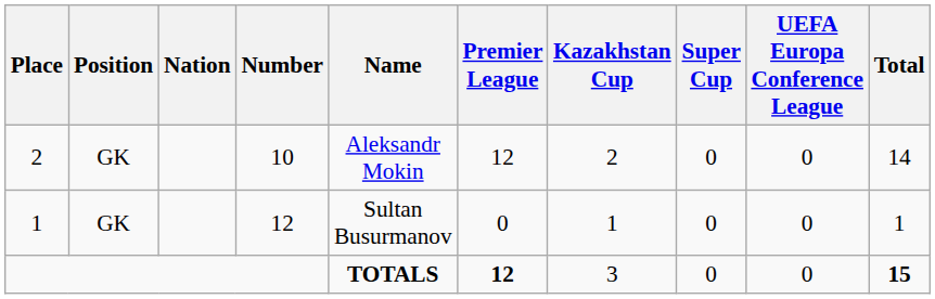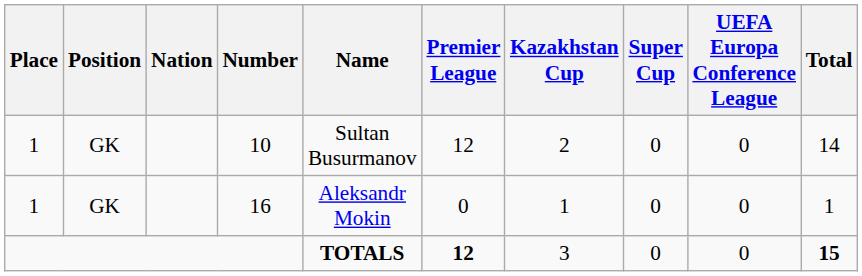 <table class="wikitable" style="font-size: 95%; text-align: center;">
 <tr>
 <th width=60>Place</th>
 <th width=60>Position</th>
 <th width=60>Nation</th>
 <th width=60>Number</th>
 <th width=200>Name</th>
 <th width=150><a href='#'>Premier League</a></th>
 <th width=150><a href='#'>Kazakhstan Cup</a></th>
 <th width=150><a href='#'>Super Cup</a></th>
 <th width=250><a href='#'>UEFA Europa Conference League</a></th>
 <th width=80>Total</th>
 </tr>
 <tr>
-<td>2</td>
+<td>1</td>
 <td>GK</td>
 <td></td>
 <td>10</td>
-<td><a href='#'>Aleksandr Mokin</a></td>
+<td>Sultan Busurmanov</td>
 <td>12</td>
 <td>2</td>
 <td>0</td>
 <td>0</td>
 <td>14</td>
 </tr>
 <tr>
 <td>1</td>
 <td>GK</td>
 <td></td>
-<td>12</td>
-<td>Sultan Busurmanov</td>
+<td>16</td>
+<td><a href='#'>Aleksandr Mokin</a></td>
 <td>0</td>
 <td>1</td>
 <td>0</td>
 <td>0</td>
 <td>1</td>
 </tr>
 <tr>
 <td colspan="4"></td>
 <td><strong>TOTALS</strong></td>
 <td><strong>12</strong></td>
 <td>3</td>
 <td>0</td>
 <td>0</td>
 <td><strong>15</strong></td>
 </tr>
 </table>
